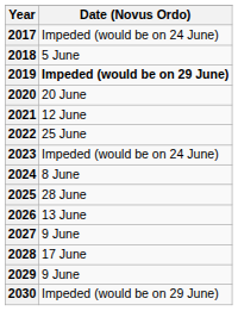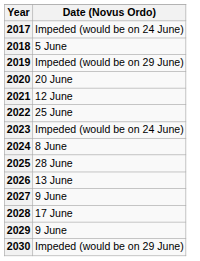 <table class="wikitable floatright">
 <tr>
 </tr>
 <tr>
 <th>Year</th>
 <th>Date (Novus Ordo)</th>
 </tr>
 <tr>
 <th scope="row">2017</th>
 <td>Impeded (would be on 24 June)</td>
 </tr>
 <tr>
 <th scope="row">2018</th>
 <td>5 June</td>
 </tr>
 <tr>
 <th scope="row">2019</th>
-<td><strong>Impeded (would be on 29 June)</strong></td>
+<td>Impeded (would be on 29 June)</td>
 </tr>
 <tr>
 <th scope="row">2020</th>
 <td>20 June</td>
 </tr>
 <tr>
 <th scope="row">2021</th>
 <td>12 June</td>
 </tr>
 <tr>
 <th scope="row">2022</th>
 <td>25 June</td>
 </tr>
 <tr>
 <th scope="row">2023</th>
 <td>Impeded (would be on 24 June)</td>
 </tr>
 <tr>
 <th scope="row">2024</th>
 <td>8 June</td>
 </tr>
 <tr>
 <th scope="row">2025</th>
 <td>28 June</td>
 </tr>
 <tr>
 <th scope="row">2026</th>
 <td>13 June</td>
 </tr>
 <tr>
 <th scope="row">2027</th>
 <td>9 June</td>
 </tr>
 <tr>
 <th scope="row">2028</th>
 <td>17 June</td>
 </tr>
 <tr>
 <th scope="row">2029</th>
 <td>9 June</td>
 </tr>
 <tr>
 <th scope="row">2030</th>
 <td>Impeded (would be on 29 June)</td>
 </tr>
 </table>
